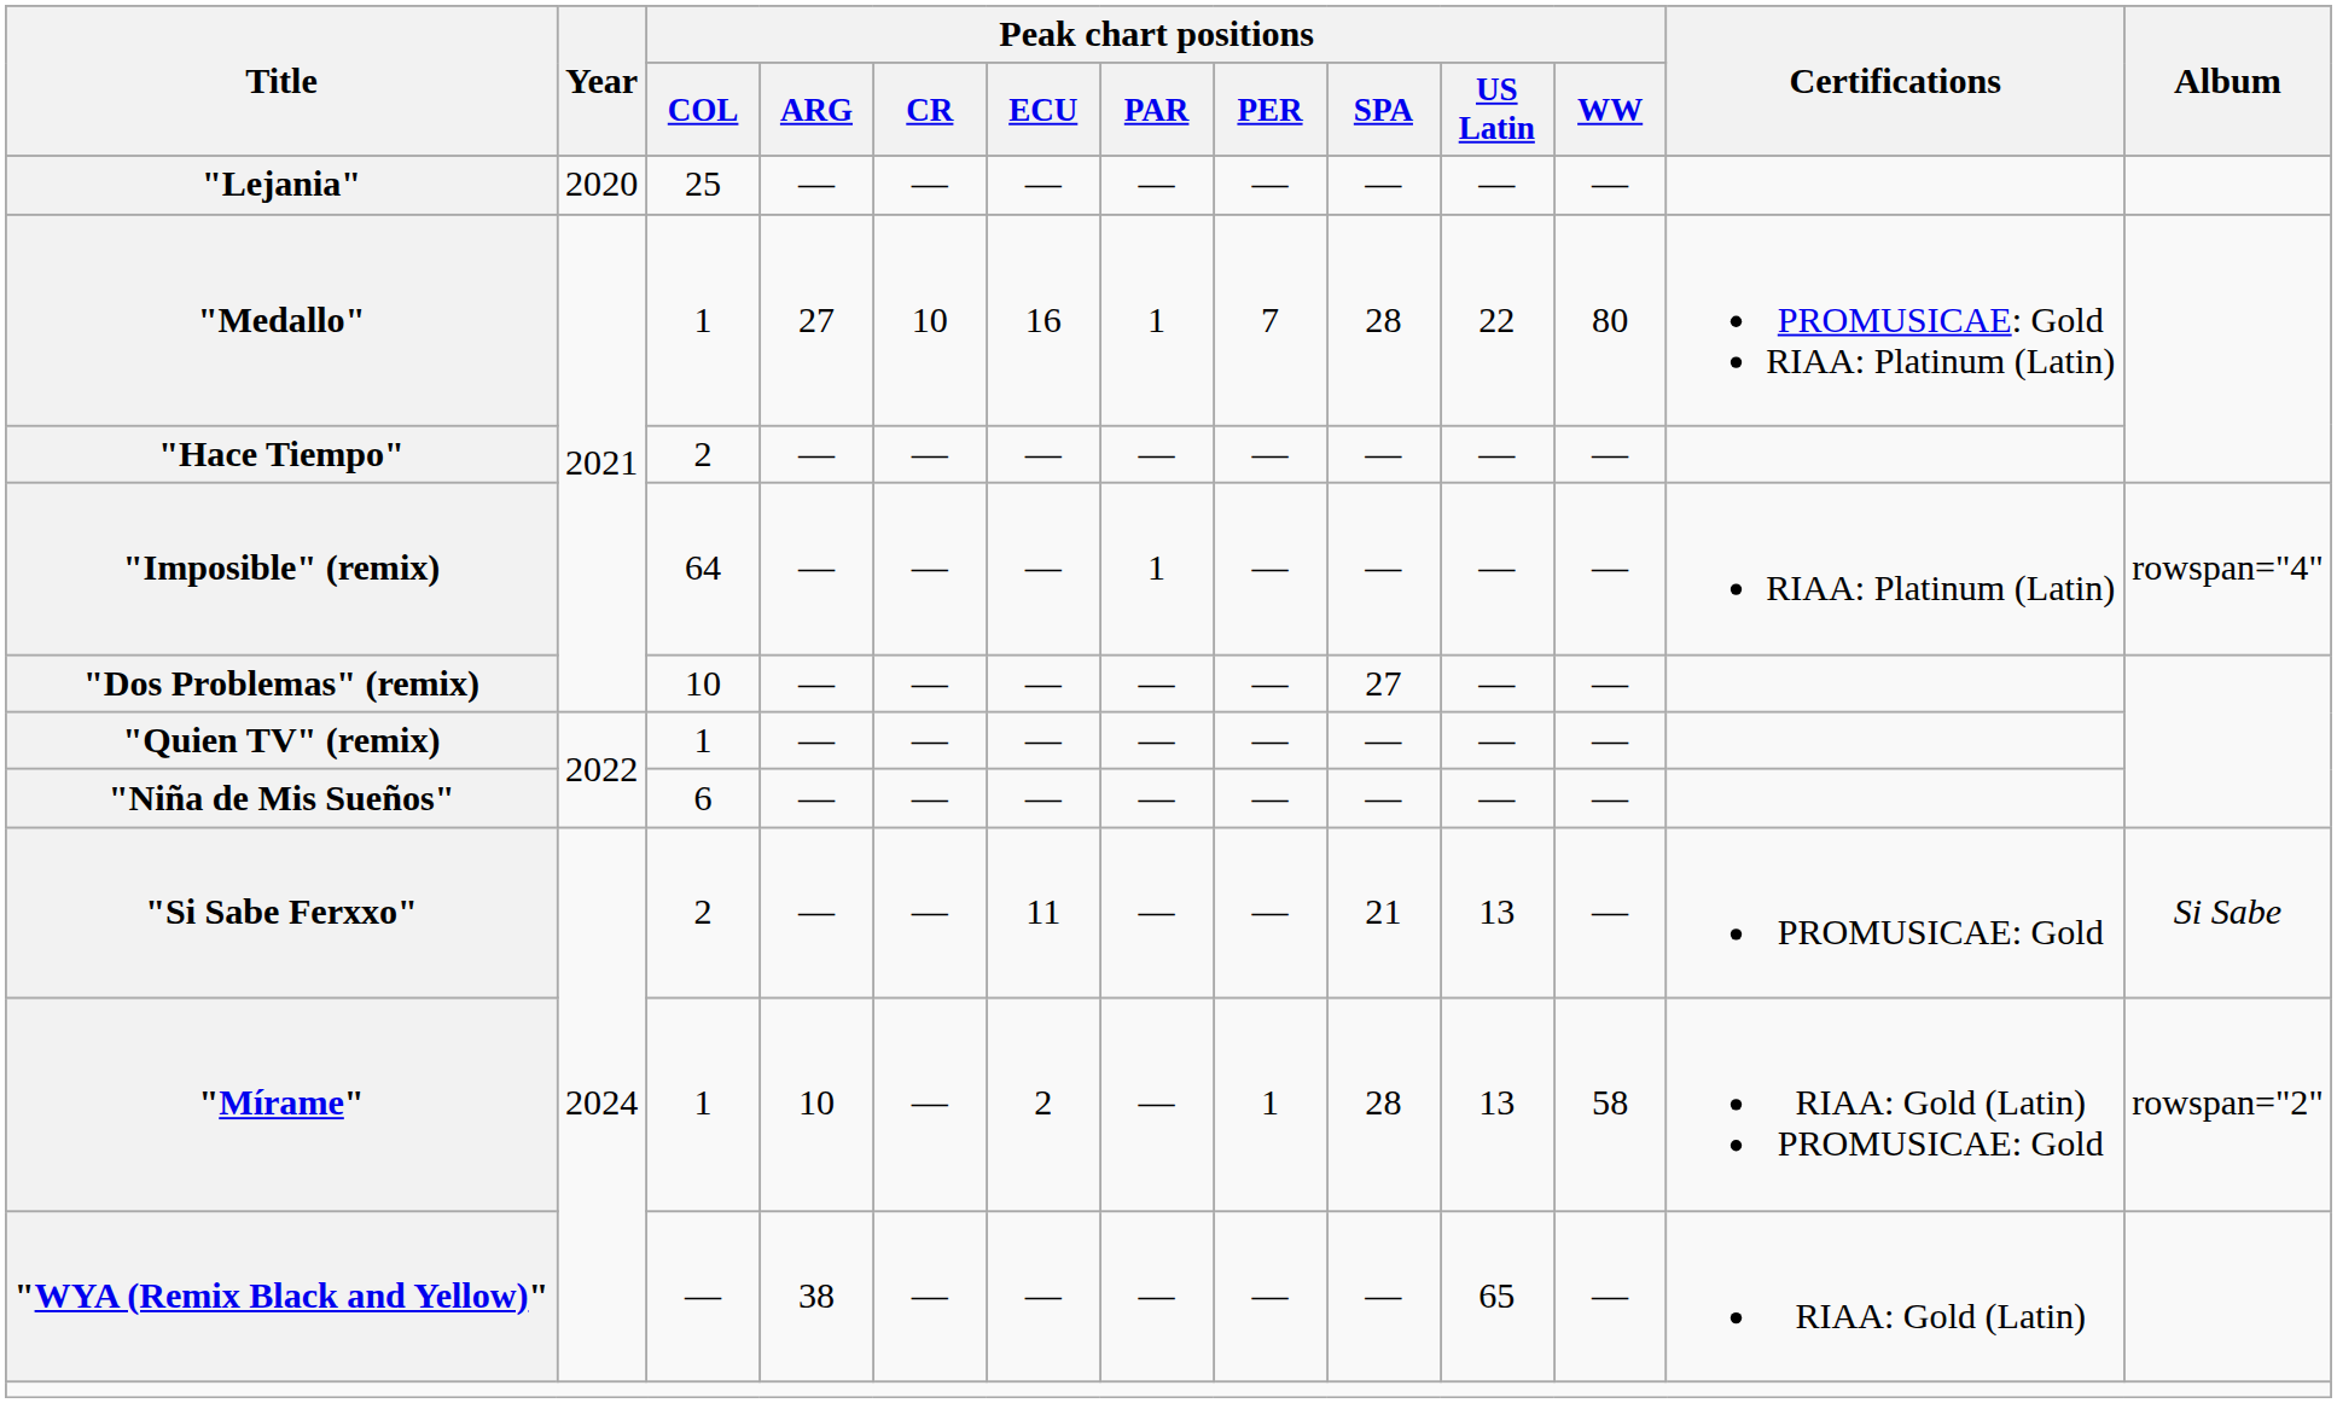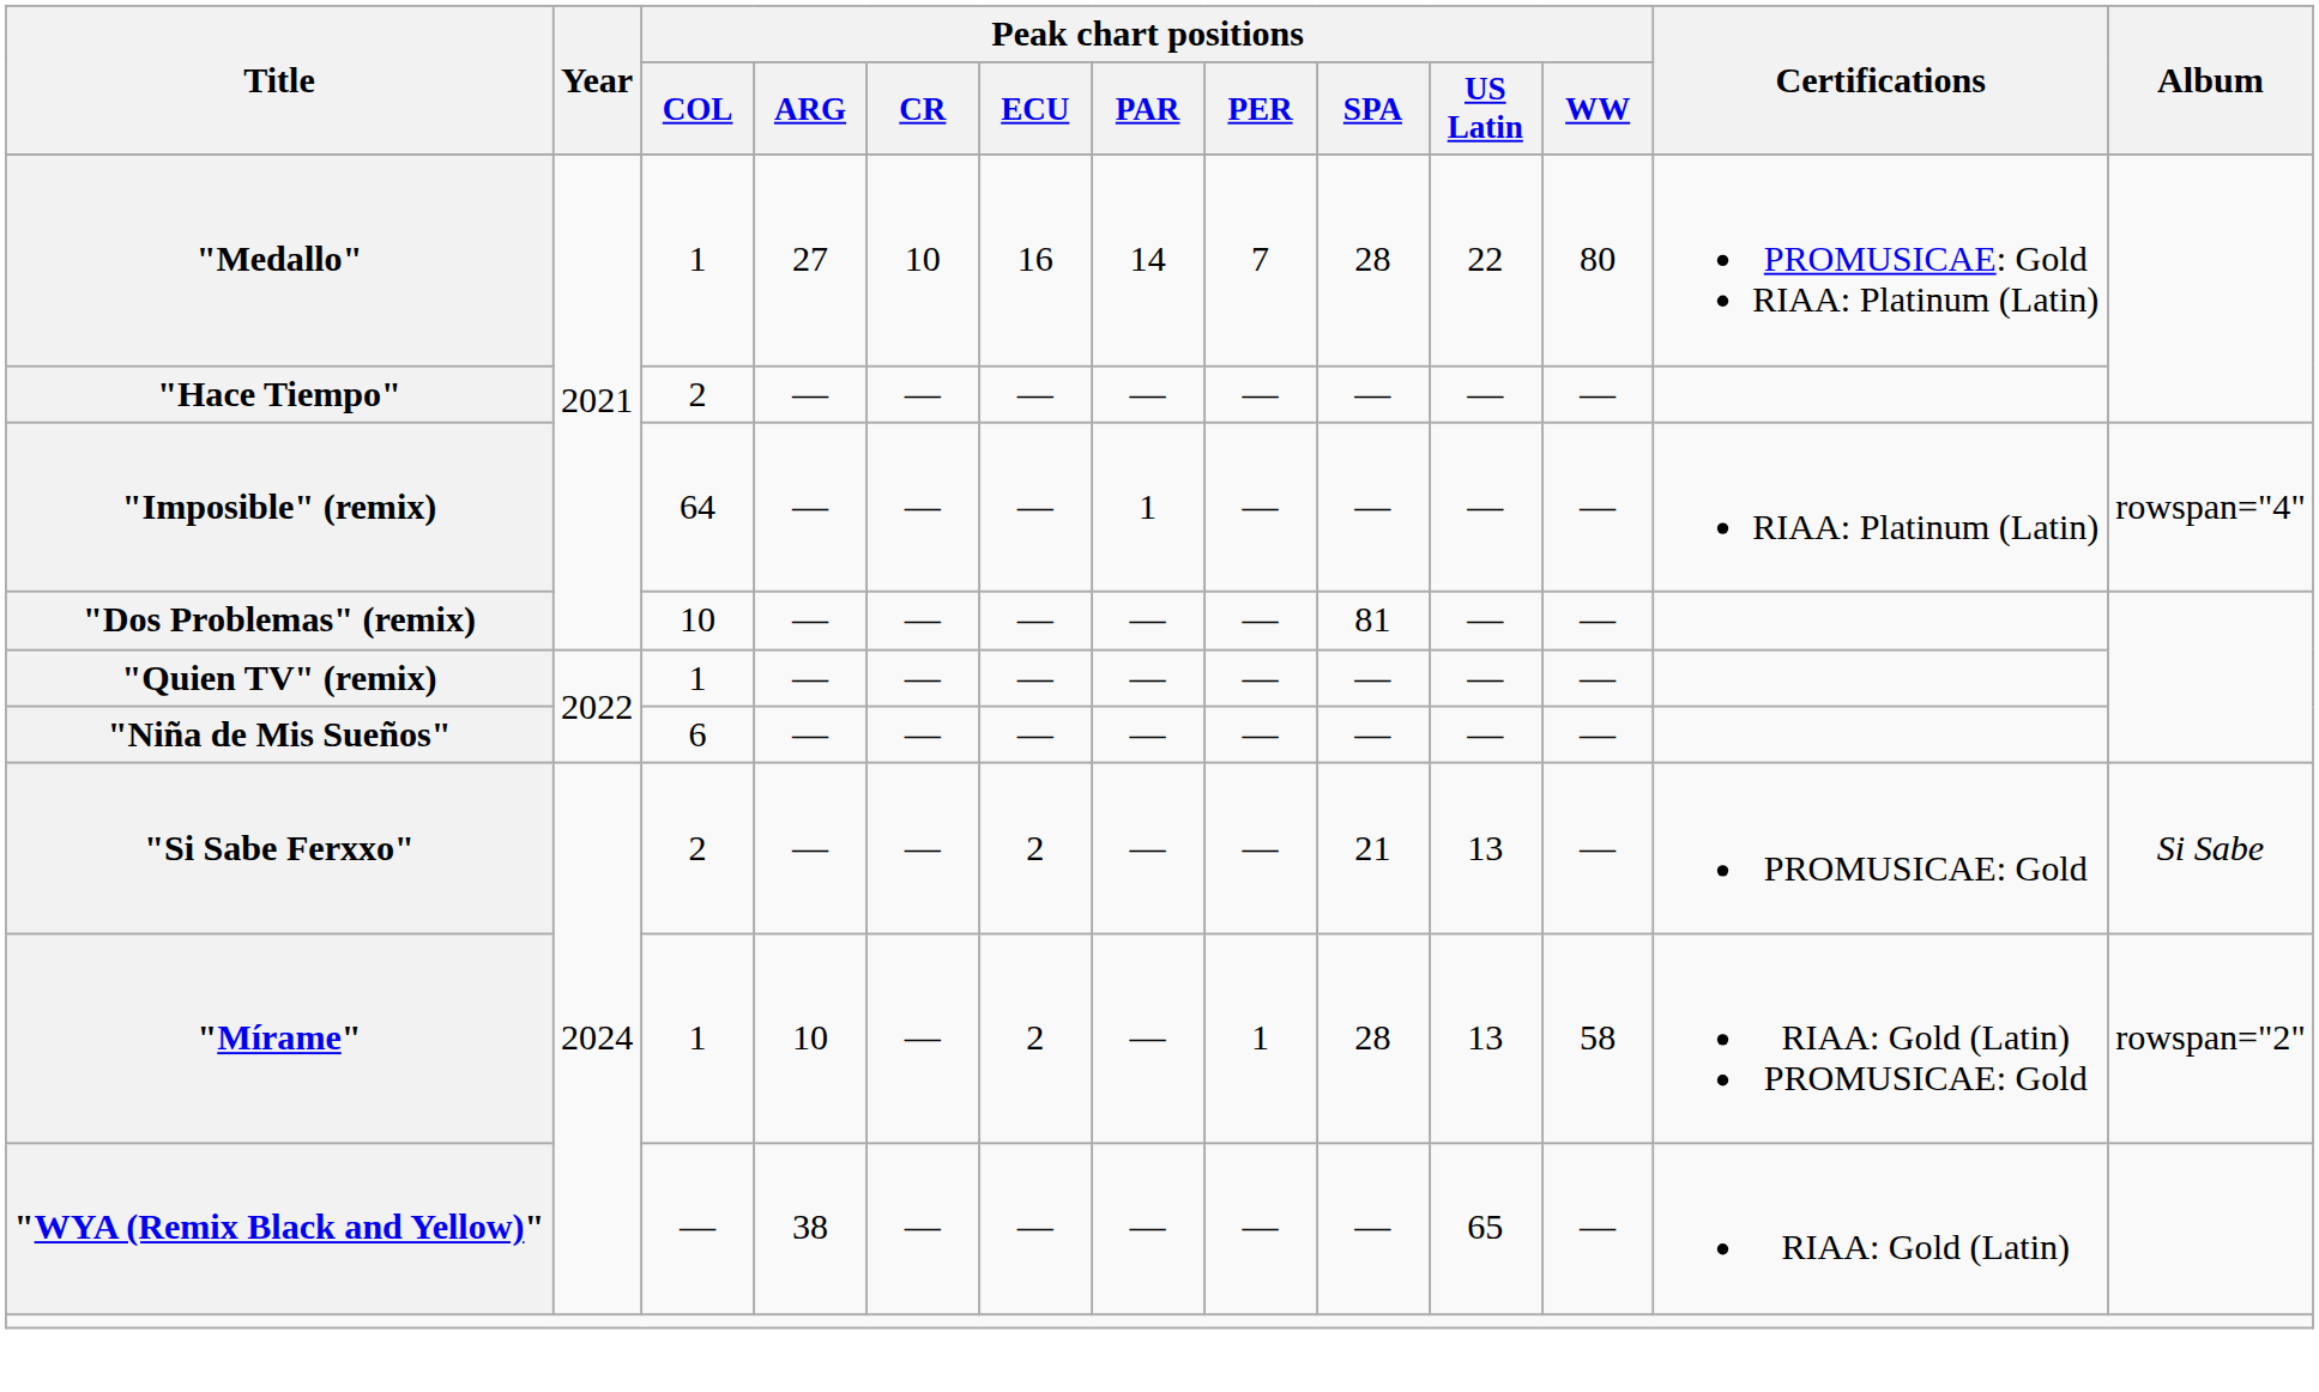 <table class="wikitable plainrowheaders" style="text-align:center;">
 <tr>
 <th scope="col" rowspan="2">Title</th>
 <th scope="col" rowspan="2">Year</th>
 <th scope="col" colspan="9">Peak chart positions</th>
 <th scope="col" rowspan="2">Certifications</th>
 <th scope="col" rowspan="2">Album</th>
 </tr>
 <tr>
 <th scope="col" style="width:3em; font-size:90%"><a href='#'>COL</a><br></th>
 <th scope="col" style="width:3em; font-size:90%"><a href='#'>ARG</a><br></th>
 <th scope="col" style="width:3em; font-size:90%"><a href='#'>CR</a><br></th>
 <th scope="col" style="width:3em; font-size:90%"><a href='#'>ECU</a><br></th>
 <th scope="col" style="width:3em; font-size:90%"><a href='#'>PAR</a><br></th>
 <th scope="col" style="width:3em; font-size:90%"><a href='#'>PER</a><br></th>
 <th scope="col" style="width:3em; font-size:90%"><a href='#'>SPA</a><br></th>
 <th scope="col" style="width:3em; font-size:90%"><a href='#'>US<br>Latin</a><br></th>
 <th scope="col" style="width:3em; font-size:90%"><a href='#'>WW</a><br></th>
 </tr>
 <tr>
-<th scope="row">"Lejania"</th>
-<td>2020</td>
-<td>25</td>
-<td>—</td>
-<td>—</td>
-<td>—</td>
-<td>—</td>
-<td>—</td>
-<td>—</td>
-<td>—</td>
-<td>—</td>
-<td></td>
-<td></td>
-</tr>
-<tr>
 <th scope="row">"Medallo" <br></th>
 <td rowspan="4">2021</td>
 <td>1</td>
 <td>27</td>
 <td>10</td>
 <td>16</td>
-<td>1</td>
+<td>14</td>
 <td>7</td>
 <td>28</td>
 <td>22</td>
 <td>80</td>
 <td><br><ul><li><a href='#'>PROMUSICAE</a>: Gold</li><li>RIAA: Platinum (Latin)</li></ul></td>
 <td rowspan="2"></td>
 </tr>
 <tr>
 <th scope="row">"Hace Tiempo"</th>
 <td>2</td>
 <td>—</td>
 <td>—</td>
 <td>—</td>
 <td>—</td>
 <td>—</td>
 <td>—</td>
 <td>—</td>
 <td>—</td>
 <td></td>
 </tr>
 <tr>
 <th scope="row">"Imposible" (remix)<br></th>
 <td>64</td>
 <td>—</td>
 <td>—</td>
 <td>—</td>
 <td>1</td>
 <td>—</td>
 <td>—</td>
 <td>—</td>
 <td>—</td>
 <td><br><ul><li>RIAA: Platinum (Latin)</li></ul></td>
 <td>rowspan="4" </td>
 </tr>
 <tr>
 <th scope="row">"Dos Problemas" (remix)<br></th>
 <td>10</td>
 <td>—</td>
 <td>—</td>
 <td>—</td>
 <td>—</td>
 <td>—</td>
-<td>27</td>
+<td>81</td>
 <td>—</td>
 <td>—</td>
 <td></td>
 </tr>
 <tr>
 <th scope="row">"Quien TV" (remix)<br></th>
 <td rowspan="2">2022</td>
 <td>1</td>
 <td>—</td>
 <td>—</td>
 <td>—</td>
 <td>—</td>
 <td>—</td>
 <td>—</td>
 <td>—</td>
 <td>—</td>
 <td></td>
 </tr>
 <tr>
 <th scope="row">"Niña de Mis Sueños"<br></th>
 <td>6</td>
 <td>—</td>
 <td>—</td>
 <td>—</td>
 <td>—</td>
 <td>—</td>
 <td>—</td>
 <td>—</td>
 <td>—</td>
 <td></td>
 </tr>
 <tr>
 <th scope="row">"Si Sabe Ferxxo"<br></th>
 <td rowspan="3">2024</td>
 <td>2</td>
 <td>—</td>
 <td>—</td>
-<td>11</td>
+<td>2</td>
 <td>—</td>
 <td>—</td>
 <td>21</td>
 <td>13</td>
 <td>—</td>
 <td><br><ul><li>PROMUSICAE: Gold</li></ul></td>
 <td><em>Si Sabe</em></td>
 </tr>
 <tr>
 <th scope="row">"<a href='#'>Mírame</a>"<br></th>
 <td>1</td>
 <td>10</td>
 <td>—</td>
 <td>2</td>
 <td>—</td>
 <td>1</td>
 <td>28</td>
 <td>13</td>
 <td>58</td>
 <td><br><ul><li>RIAA: Gold (Latin)</li><li>PROMUSICAE: Gold</li></ul></td>
 <td>rowspan="2" </td>
 </tr>
 <tr>
 <th scope="row">"<a href='#'>WYA (Remix Black and Yellow)</a>"<br></th>
 <td>—</td>
 <td>38</td>
 <td>—</td>
 <td>—</td>
 <td>—</td>
 <td>—</td>
 <td>—</td>
 <td>65</td>
 <td>—</td>
 <td><br><ul><li>RIAA: Gold (Latin)</li></ul></td>
 </tr>
 <tr>
 <td colspan="13" style="font-size:90%"></td>
 </tr>
 </table>
